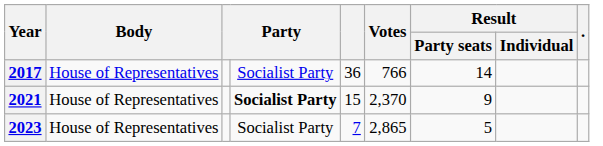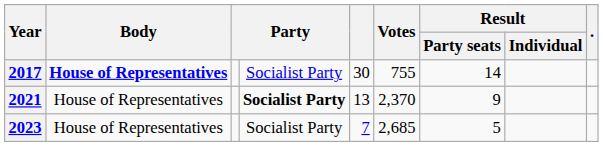 <table class="wikitable plainrowheaders sortable" border=2 cellpadding=4 cellspacing=0 style="border: 1px #aaa solid; font-size: 90%; text-align:center;">
 <tr>
 <th scope="col" rowspan=2>Year</th>
 <th scope="col" rowspan=2>Body</th>
 <th scope="col" colspan=2 rowspan=2>Party</th>
 <th scope="col" rowspan=2></th>
 <th scope="col" rowspan=2>Votes</th>
 <th scope="colgroup" colspan=2>Result</th>
 <th scope="col" rowspan=2 class="unsortable">.</th>
 </tr>
 <tr>
 <th scope="col">Party seats</th>
 <th scope="col">Individual</th>
 </tr>
 <tr>
 <th scope="row"><a href='#'>2017</a></th>
-<td><a href='#'>House of Representatives</a></td>
+<td><strong><a href='#'>House of Representatives</a></strong></td>
 <td style="background-color:"></td>
 <td><a href='#'>Socialist Party</a></td>
-<td style=text-align:right>36</td>
-<td style=text-align:right>766</td>
+<td style=text-align:right>30</td>
+<td style=text-align:right>755</td>
 <td style=text-align:right>14</td>
 <td></td>
 <td></td>
 </tr>
 <tr>
 <th scope="row"><a href='#'>2021</a></th>
 <td>House of Representatives</td>
 <td style="background-color:"></td>
 <td><strong>Socialist Party</strong></td>
-<td style=text-align:right>15</td>
+<td style=text-align:right>13</td>
 <td style=text-align:right>2,370</td>
 <td style=text-align:right>9</td>
 <td></td>
 <td></td>
 </tr>
 <tr>
 <th scope="row"><a href='#'>2023</a></th>
 <td>House of Representatives</td>
 <td style="background-color:"></td>
 <td>Socialist Party</td>
 <td style=text-align:right><a href='#'>7</a></td>
-<td style=text-align:right>2,865</td>
+<td style=text-align:right>2,685</td>
 <td style=text-align:right>5</td>
 <td></td>
 <td></td>
 </tr>
 </table>
